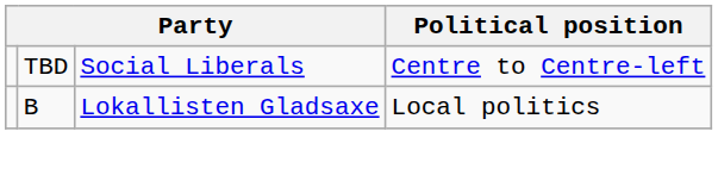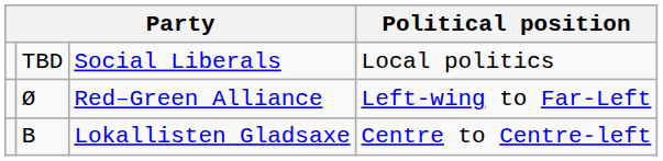 <table class="wikitable">
 <tr>
 <th colspan="3">Party</th>
 <th>Political position</th>
 </tr>
 <tr>
 <td></td>
 <td>TBD</td>
 <td><a href='#'>Social Liberals</a></td>
-<td><a href='#'>Centre</a> to <a href='#'>Centre-left</a></td>
+<td>Local politics</td>
+</tr>
+<tr>
+<td></td>
+<td>Ø</td>
+<td><a href='#'>Red–Green Alliance</a></td>
+<td><a href='#'>Left-wing</a> to  <a href='#'>Far-Left</a></td>
 </tr>
 <tr>
 <td></td>
 <td>B</td>
 <td><a href='#'>Lokallisten Gladsaxe</a></td>
-<td>Local politics</td>
+<td><a href='#'>Centre</a> to <a href='#'>Centre-left</a></td>
 </tr>
 </table>
